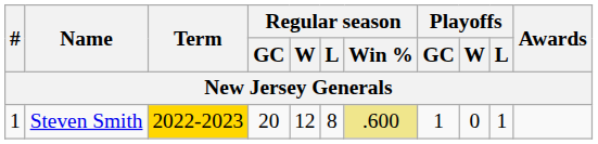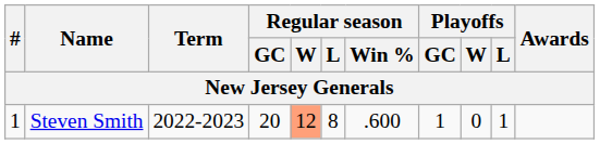 <table class="wikitable" style="text-align:center">
 <tr>
 <th rowspan="2">#</th>
 <th rowspan="2">Name</th>
 <th rowspan="2">Term</th>
 <th colspan="4">Regular season</th>
 <th colspan="3">Playoffs</th>
 <th rowspan="2">Awards</th>
 </tr>
 <tr>
 <th>GC</th>
 <th>W</th>
 <th>L</th>
 <th>Win %</th>
 <th>GC</th>
 <th>W</th>
 <th>L</th>
 </tr>
 <tr>
 <th colspan="11">New Jersey Generals</th>
 </tr>
 <tr>
 <td>1</td>
 <td><a href='#'>Steven Smith</a></td>
-<td style="background: gold;">2022-2023</td>
+<td>2022-2023</td>
 <td>20</td>
-<td>12</td>
+<td style="background: lightsalmon;">12</td>
 <td>8</td>
-<td style="background: khaki;">.600</td>
+<td>.600</td>
 <td>1</td>
 <td>0</td>
 <td>1</td>
 <td></td>
 </tr>
 </table>
